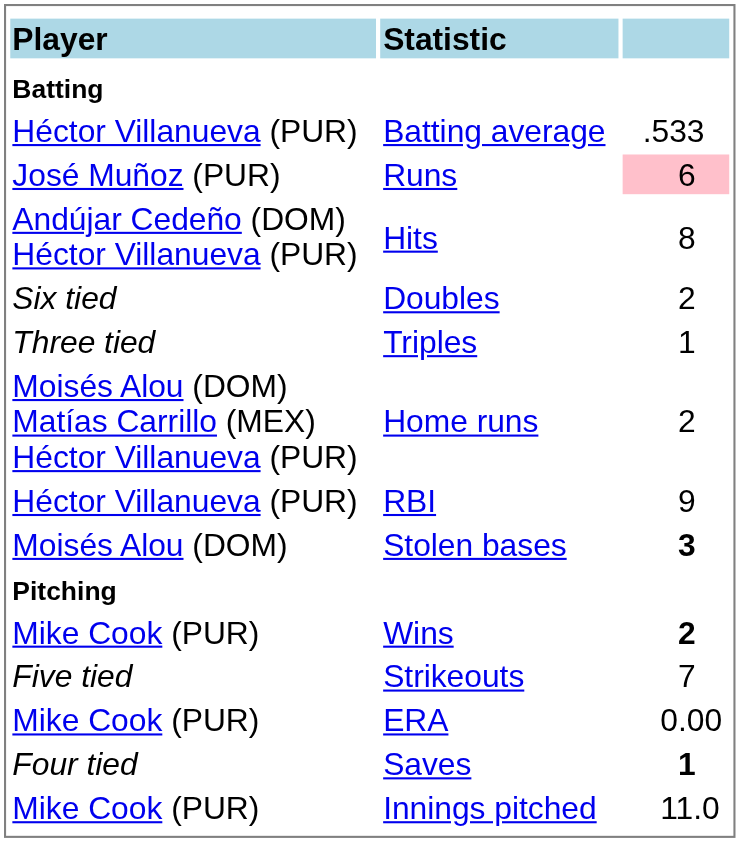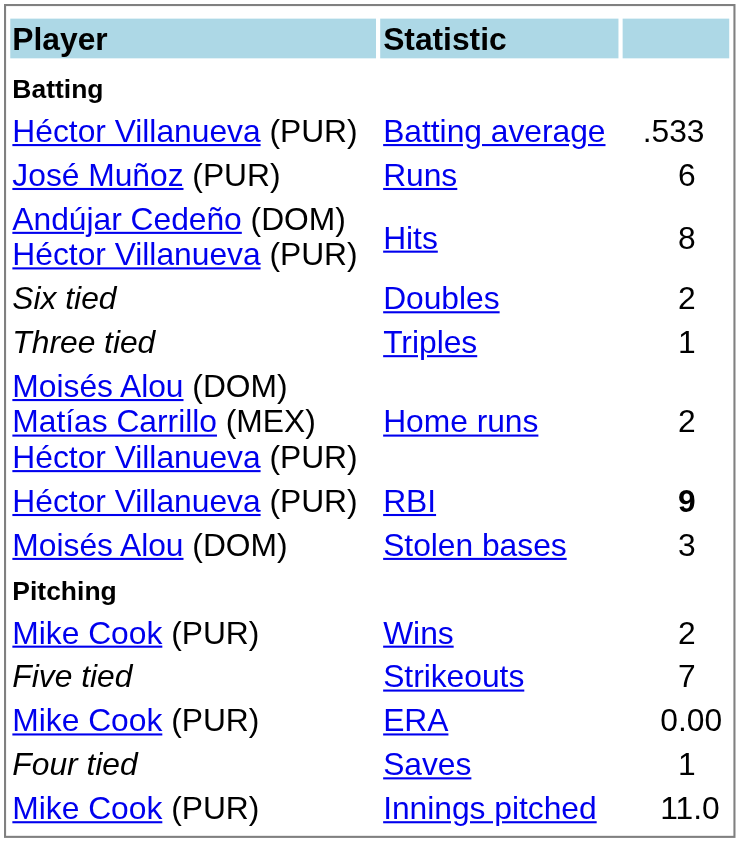 <table cellpadding="1" width="350px" style="font-size: 95%; border: 1px solid gray;">
 <tr align="center" style="font-size: larger;">
 <td colspan=6></td>
 </tr>
 <tr style="background:lightblue;">
 <td><strong>Player</strong></td>
 <td><strong>Statistic</strong></td>
 <td></td>
 </tr>
 <tr align="center" style="vertical-align: middle;" style="background:lightblue;">
 </tr>
 <tr>
 <td><small><strong>Batting</strong></small></td>
 </tr>
 <tr>
 <td><a href='#'>Héctor Villanueva</a> (PUR)</td>
 <td><a href='#'>Batting average</a></td>
 <td>  .533</td>
 </tr>
 <tr>
 <td><a href='#'>José Muñoz</a> (PUR)</td>
 <td><a href='#'>Runs</a></td>
-<td style="background: pink;">      6</td>
+<td>      6</td>
 </tr>
 <tr>
 <td><a href='#'>Andújar Cedeño</a> (DOM)<br><a href='#'>Héctor Villanueva</a> (PUR)</td>
 <td><a href='#'>Hits</a></td>
 <td>      8</td>
 </tr>
 <tr>
 <td><em>Six tied</em></td>
 <td><a href='#'>Doubles</a></td>
 <td>      2</td>
 </tr>
 <tr>
 <td><em>Three tied</em></td>
 <td><a href='#'>Triples</a></td>
 <td>      1</td>
 </tr>
 <tr>
 <td><a href='#'>Moisés Alou</a> (DOM)<br><a href='#'>Matías Carrillo</a> (MEX)<br><a href='#'>Héctor Villanueva</a> (PUR)</td>
 <td><a href='#'>Home runs</a></td>
 <td>      2</td>
 </tr>
 <tr>
 <td><a href='#'>Héctor Villanueva</a> (PUR)</td>
 <td><a href='#'>RBI</a></td>
-<td>      9</td>
+<td><strong>      9</strong></td>
 </tr>
 <tr>
 <td><a href='#'>Moisés Alou</a> (DOM)</td>
 <td><a href='#'>Stolen bases</a></td>
-<td><strong>      3</strong></td>
+<td>      3</td>
 </tr>
 <tr>
 <td><small><strong>Pitching</strong></small></td>
 </tr>
 <tr>
 <td><a href='#'>Mike Cook</a> (PUR)</td>
 <td><a href='#'>Wins</a></td>
-<td><strong>      2</strong></td>
+<td>      2</td>
 </tr>
 <tr>
 <td><em>Five tied</em></td>
 <td><a href='#'>Strikeouts</a></td>
 <td>      7</td>
 </tr>
 <tr>
 <td><a href='#'>Mike Cook</a> (PUR)</td>
 <td><a href='#'>ERA</a></td>
 <td>    0.00</td>
 </tr>
 <tr>
 <td><em>Four tied</em></td>
 <td><a href='#'>Saves</a></td>
-<td><strong>      1</strong></td>
+<td>      1</td>
 </tr>
 <tr>
 <td><a href='#'>Mike Cook</a> (PUR)</td>
 <td><a href='#'>Innings pitched</a></td>
 <td>    11.0</td>
 </tr>
 <tr>
 </tr>
 </table>
